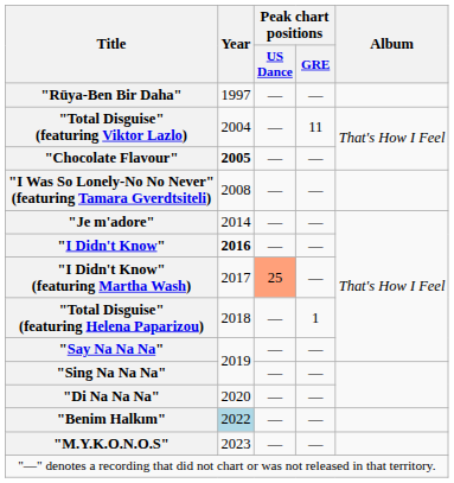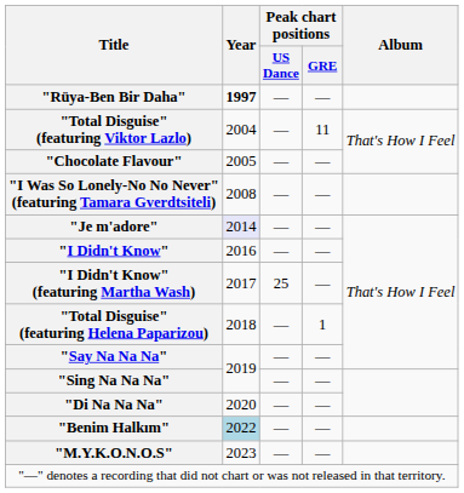 <table class="wikitable plainrowheaders" style="text-align:center;">
 <tr>
 <th scope="col" rowspan="2">Title</th>
 <th scope="col" rowspan="2">Year</th>
 <th scope="col" colspan="2">Peak chart positions</th>
 <th scope="col" rowspan="2">Album</th>
 </tr>
 <tr>
 <th scope="col" style="width:2.5em;font-size:90%;"><a href='#'>US Dance</a></th>
 <th scope="col" style="width:2.5em;font-size:90%;"><a href='#'>GRE</a></th>
 </tr>
 <tr>
 <th scope="row">"Rüya-Ben Bir Daha"</th>
-<td>1997</td>
+<td><strong>1997</strong></td>
 <td>—</td>
 <td>—</td>
 <td></td>
 </tr>
 <tr>
 <th scope="row">"Total Disguise" <br>(featuring <a href='#'>Viktor Lazlo</a>)</th>
 <td>2004</td>
 <td>—</td>
 <td>11<br></td>
 <td rowspan="2"><em>That's How I Feel</em></td>
 </tr>
 <tr>
 <th scope="row">"Chocolate Flavour"</th>
-<td><strong>2005</strong></td>
+<td>2005</td>
 <td>—</td>
 <td>—</td>
 </tr>
 <tr>
 <th scope="row">"I Was So Lonely-No No Never" <br>(featuring <a href='#'>Tamara Gverdtsiteli</a>)</th>
 <td>2008</td>
 <td>—</td>
 <td>—</td>
 <td></td>
 </tr>
 <tr>
 <th scope="row">"Je m'adore"</th>
-<td>2014</td>
+<td style="background: lavender;">2014</td>
 <td>—</td>
 <td>—</td>
 <td rowspan="5"><em>That's How I Feel</em></td>
 </tr>
 <tr>
 <th scope="row">"<a href='#'>I Didn't Know</a>"</th>
-<td><strong>2016</strong></td>
+<td>2016</td>
 <td>—</td>
 <td>—</td>
 </tr>
 <tr>
 <th scope="row">"I Didn't Know" <br>(featuring <a href='#'>Martha Wash</a>)</th>
 <td>2017</td>
-<td style="background: lightsalmon;">25</td>
+<td>25</td>
 <td>—</td>
 </tr>
 <tr>
 <th scope="row">"Total Disguise" <br>(featuring <a href='#'>Helena Paparizou</a>)</th>
 <td>2018</td>
 <td>—</td>
 <td>1</td>
 </tr>
 <tr>
 <th scope="row">"<a href='#'>Say Na Na Na</a>"</th>
 <td rowspan=2>2019</td>
 <td>—</td>
 <td>—</td>
 </tr>
 <tr>
 <th scope="row">"Sing Na Na Na"</th>
 <td>—</td>
 <td>—</td>
 </tr>
 <tr>
 <th scope="row">"Di Na Na Na"</th>
 <td>2020</td>
 <td>—</td>
 <td>—</td>
 </tr>
 <tr>
 <th scope="row">"Benim Halkım"</th>
 <td style="background: lightblue;">2022</td>
 <td>—</td>
 <td>—</td>
 <td></td>
 </tr>
 <tr>
 <th scope="row">"M.Y.K.O.N.O.S"</th>
 <td>2023</td>
 <td>—</td>
 <td>—</td>
 <td></td>
 </tr>
 <tr>
 <td colspan="15" style="font-size:90%">"—" denotes a recording that did not chart or was not released in that territory.</td>
 </tr>
 </table>
